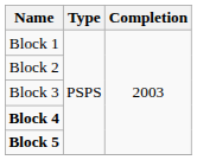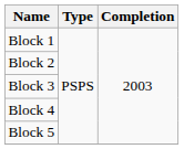 <table class="wikitable" style="text-align: center">
 <tr>
 <th>Name</th>
 <th>Type</th>
 <th>Completion</th>
 </tr>
 <tr>
 <td>Block 1</td>
 <td rowspan="5">PSPS</td>
 <td rowspan="5">2003</td>
 </tr>
 <tr>
 <td>Block 2</td>
 </tr>
 <tr>
 <td>Block 3</td>
 </tr>
 <tr>
-<td><strong>Block 4</strong></td>
+<td>Block 4</td>
 </tr>
 <tr>
-<td><strong>Block 5</strong></td>
+<td>Block 5</td>
 </tr>
 <tr>
 </tr>
 </table>
